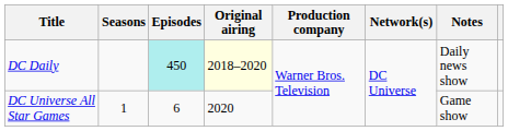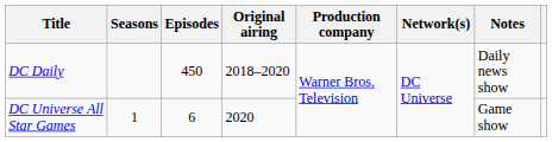 <table class="wikitable sortable">
 <tr>
 <th>Title</th>
 <th>Seasons</th>
 <th>Episodes</th>
 <th>Original airing</th>
 <th>Production company</th>
 <th>Network(s)</th>
 <th>Notes</th>
 <th></th>
 </tr>
 <tr>
 <td><em><a href='#'>DC Daily</a></em></td>
 <td></td>
-<td align="center" style="background: paleturquoise;">450</td>
-<td style="background: lightyellow;">2018–2020</td>
+<td align="center">450</td>
+<td>2018–2020</td>
 <td rowspan="2"><a href='#'>Warner Bros. Television</a></td>
 <td rowspan="2"><a href='#'>DC Universe</a></td>
 <td>Daily news show</td>
 <td></td>
 </tr>
 <tr>
 <td><em><a href='#'>DC Universe All Star Games</a></em></td>
 <td align="center">1</td>
 <td align="center">6</td>
 <td>2020</td>
 <td>Game show</td>
 <td></td>
 </tr>
 </table>
